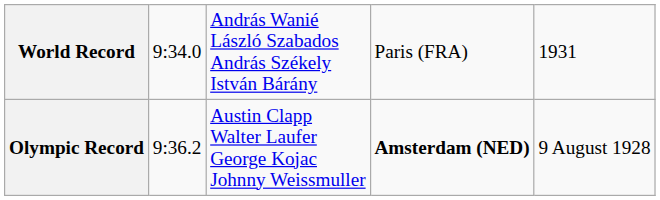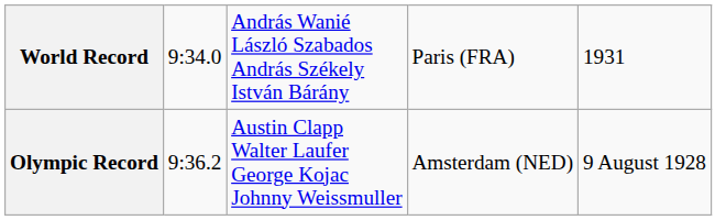 <table class="wikitable" style="text-align:left">
 <tr>
 <th>World Record</th>
 <td>9:34.0</td>
 <td> <a href='#'>András Wanié</a><br> <a href='#'>László Szabados</a><br> <a href='#'>András Székely</a><br> <a href='#'>István Bárány</a></td>
 <td>Paris (FRA)</td>
 <td>1931</td>
 </tr>
 <tr>
 <th>Olympic Record</th>
 <td>9:36.2</td>
 <td> <a href='#'>Austin Clapp</a><br> <a href='#'>Walter Laufer</a><br> <a href='#'>George Kojac</a><br> <a href='#'>Johnny Weissmuller</a></td>
-<td><strong>Amsterdam (NED)</strong></td>
+<td>Amsterdam (NED)</td>
 <td>9 August 1928</td>
 </tr>
 </table>
